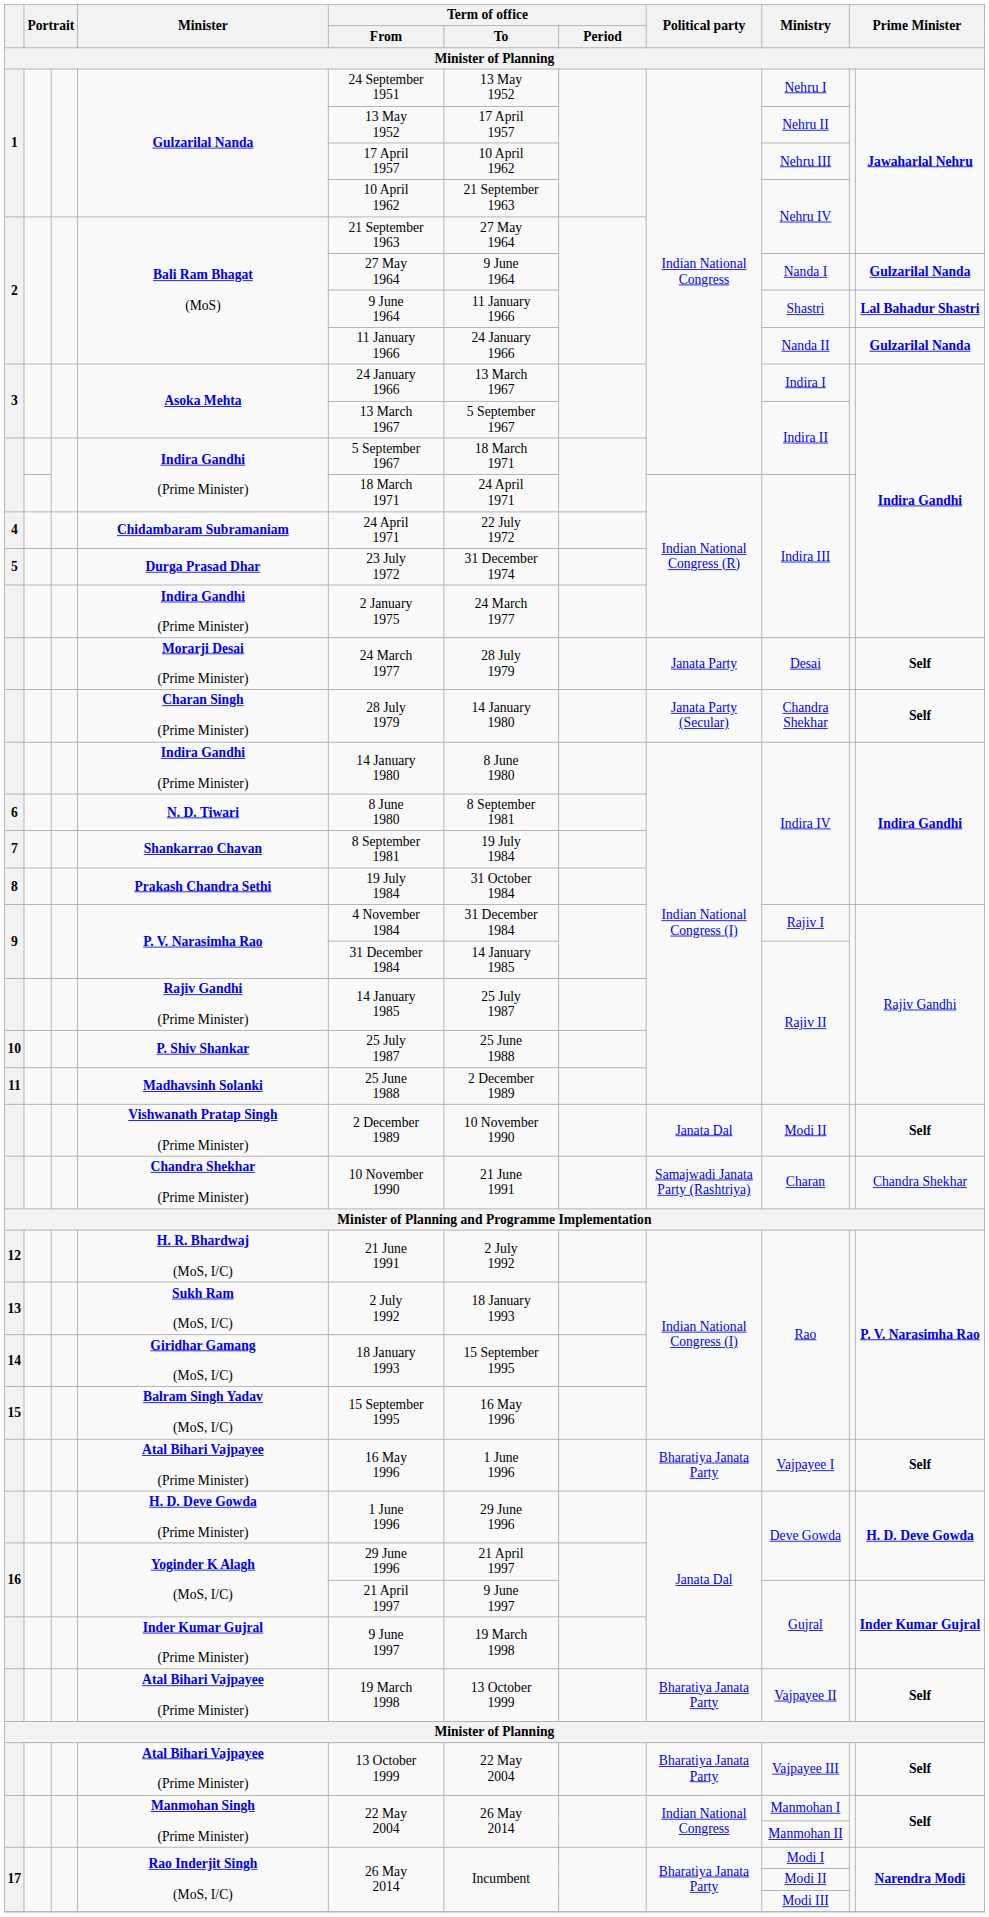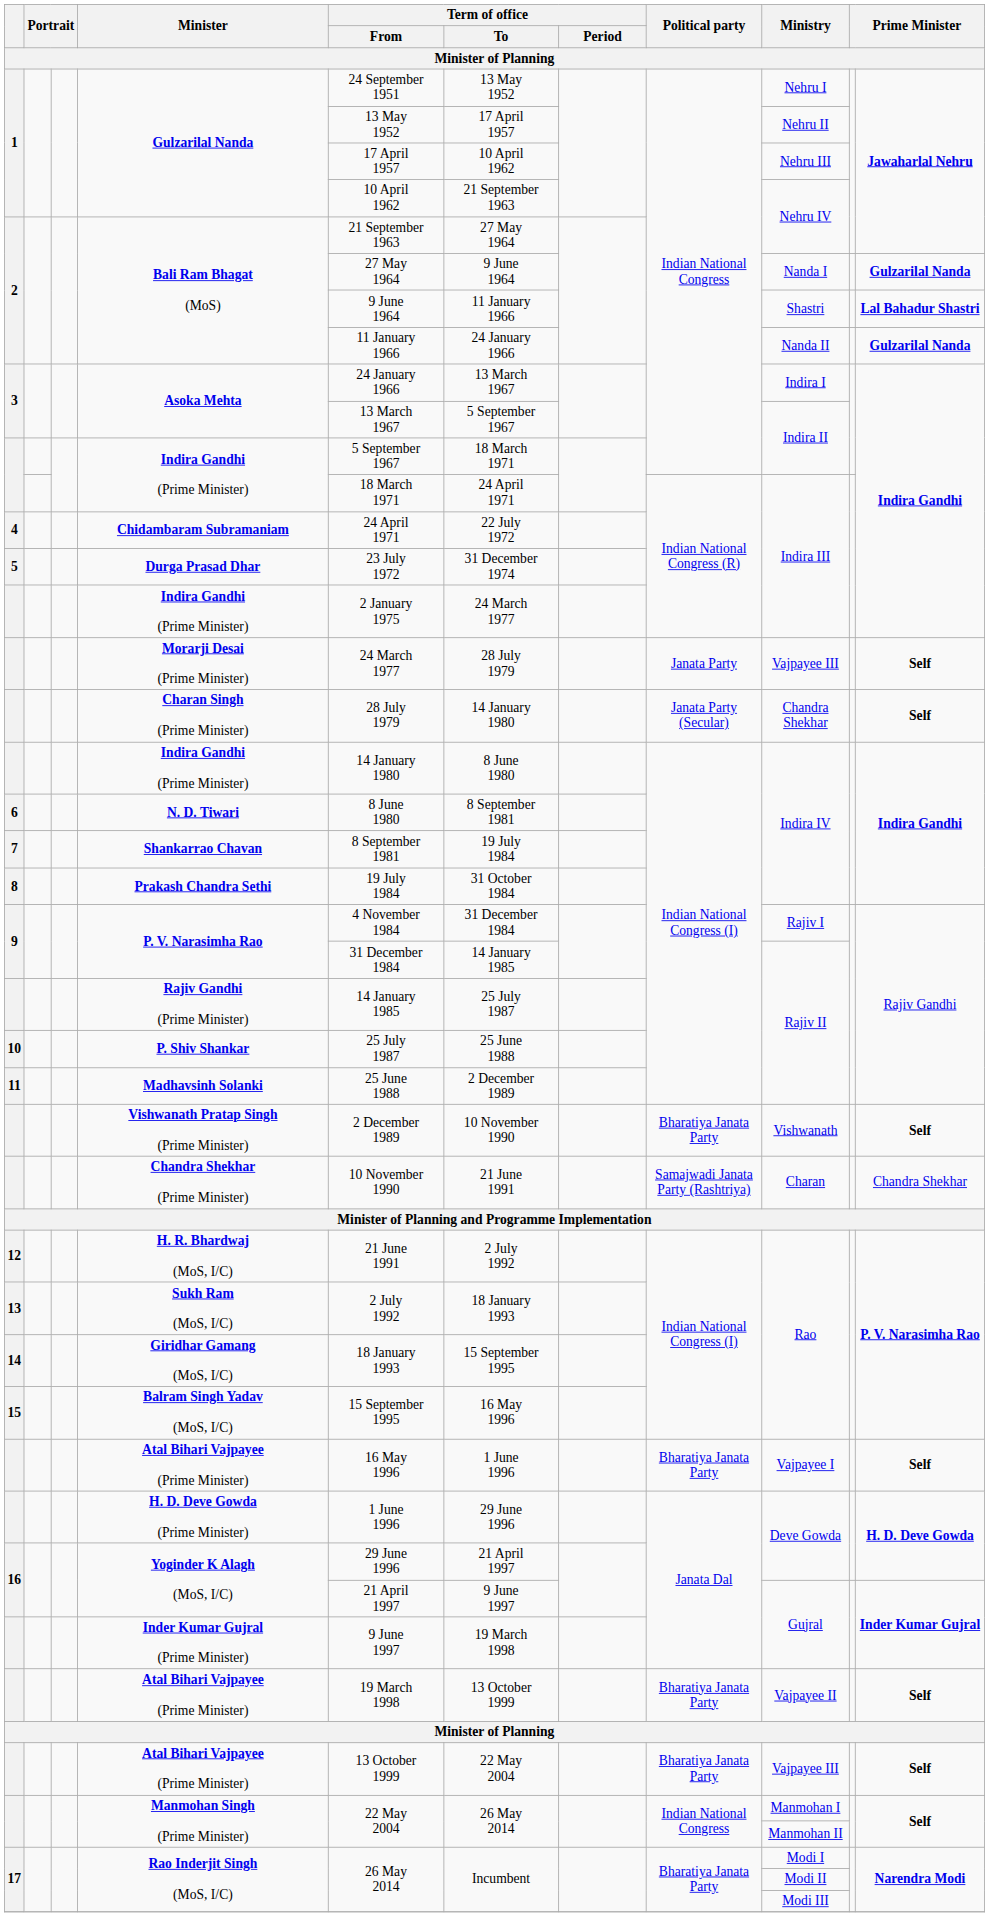 <table class="wikitable" style="text-align:center">
 <tr>
 <th rowspan="2"></th>
 <th rowspan="2" colspan="2">Portrait</th>
 <th rowspan="2" style="width:18em">Minister<br></th>
 <th colspan="3">Term of office</th>
 <th rowspan="2" style="width:8em">Political party</th>
 <th rowspan="2" style="width:6em">Ministry</th>
 <th rowspan="2" colspan="2">Prime Minister</th>
 </tr>
 <tr>
 <th style="width:8em">From</th>
 <th style="width:8em">To</th>
 <th style="width:6em">Period</th>
 </tr>
 <tr>
 <th colspan="11">Minister of Planning</th>
 </tr>
 <tr>
 <th rowspan="4">1</th>
 <td rowspan="4"></td>
 <td rowspan="4"></td>
 <td rowspan="4"><strong><a href='#'>Gulzarilal Nanda</a></strong><br></td>
 <td>24 September<br>1951</td>
 <td>13 May<br>1952</td>
 <td rowspan="4"><strong></strong></td>
 <td rowspan="11"><a href='#'>Indian National Congress</a></td>
 <td><a href='#'>Nehru I</a></td>
 <td rowspan="5"></td>
 <td rowspan="5" style="width:9em"><strong><a href='#'>Jawaharlal Nehru</a></strong></td>
 </tr>
 <tr>
 <td>13 May<br>1952</td>
 <td>17 April<br>1957</td>
 <td><a href='#'>Nehru II</a></td>
 </tr>
 <tr>
 <td>17 April<br>1957</td>
 <td>10 April<br>1962</td>
 <td><a href='#'>Nehru III</a></td>
 </tr>
 <tr>
 <td>10 April<br>1962</td>
 <td>21 September<br>1963</td>
 <td rowspan="2"><a href='#'>Nehru IV</a></td>
 </tr>
 <tr>
 <th rowspan="4">2</th>
 <td rowspan="4"></td>
 <td rowspan="4"></td>
 <td rowspan="4"><strong><a href='#'>Bali Ram Bhagat</a></strong><br><br>(MoS)</td>
 <td>21 September<br>1963</td>
 <td>27 May<br>1964</td>
 <td rowspan="4"><strong></strong></td>
 </tr>
 <tr>
 <td>27 May<br>1964</td>
 <td>9 June<br>1964</td>
 <td><a href='#'>Nanda I</a></td>
 <td></td>
 <td><strong><a href='#'>Gulzarilal Nanda</a></strong></td>
 </tr>
 <tr>
 <td>9 June<br>1964</td>
 <td>11 January<br>1966</td>
 <td><a href='#'>Shastri</a></td>
 <td></td>
 <td><strong><a href='#'>Lal Bahadur Shastri</a></strong></td>
 </tr>
 <tr>
 <td>11 January<br>1966</td>
 <td>24 January<br>1966</td>
 <td><a href='#'>Nanda II</a></td>
 <td></td>
 <td><strong><a href='#'>Gulzarilal Nanda</a></strong></td>
 </tr>
 <tr>
 <th rowspan="2">3</th>
 <td rowspan="2"></td>
 <td rowspan="2"></td>
 <td rowspan="2"><strong><a href='#'>Asoka Mehta</a></strong><br></td>
 <td>24 January<br>1966</td>
 <td>13 March<br>1967</td>
 <td rowspan="2"><strong></strong></td>
 <td><a href='#'>Indira I</a></td>
 <td rowspan="3"></td>
 <td rowspan="7"><strong><a href='#'>Indira Gandhi</a></strong></td>
 </tr>
 <tr>
 <td>13 March<br>1967</td>
 <td>5 September<br>1967</td>
 <td rowspan="2"><a href='#'>Indira II</a></td>
 </tr>
 <tr>
 <th rowspan="2"></th>
 <td></td>
 <td rowspan="2"></td>
 <td rowspan="2"><strong><a href='#'>Indira Gandhi</a></strong><br><br>(Prime Minister)</td>
 <td>5 September<br>1967</td>
 <td>18 March<br>1971</td>
 <td rowspan="2"><strong></strong></td>
 </tr>
 <tr>
 <td></td>
 <td>18 March<br>1971</td>
 <td>24 April<br>1971</td>
 <td rowspan="4"><a href='#'>Indian National Congress (R)</a></td>
 <td rowspan="4"><a href='#'>Indira III</a></td>
 <td rowspan="4"></td>
 </tr>
 <tr>
 <th>4</th>
 <td></td>
 <td></td>
 <td><strong><a href='#'>Chidambaram Subramaniam</a></strong><br></td>
 <td>24 April<br>1971</td>
 <td>22 July<br>1972</td>
 <td><strong></strong></td>
 </tr>
 <tr>
 <th>5</th>
 <td></td>
 <td></td>
 <td><strong><a href='#'>Durga Prasad Dhar</a></strong><br></td>
 <td>23 July<br>1972</td>
 <td>31 December<br>1974</td>
 <td><strong></strong></td>
 </tr>
 <tr>
 <th></th>
 <td></td>
 <td></td>
 <td><strong><a href='#'>Indira Gandhi</a></strong><br><br>(Prime Minister)</td>
 <td>2 January<br>1975</td>
 <td>24 March<br>1977</td>
 <td><strong></strong></td>
 </tr>
 <tr>
 <th></th>
 <td></td>
 <td></td>
 <td><strong><a href='#'>Morarji Desai</a></strong><br><br>(Prime Minister)</td>
 <td>24 March<br>1977</td>
 <td>28 July<br>1979</td>
 <td><strong></strong></td>
 <td><a href='#'>Janata Party</a></td>
-<td><a href='#'>Desai</a></td>
+<td><a href='#'>Vajpayee III</a></td>
 <td></td>
 <td><strong>Self</strong></td>
 </tr>
 <tr>
 <th></th>
 <td></td>
 <td></td>
 <td><strong><a href='#'>Charan Singh</a></strong><br><br>(Prime Minister)</td>
 <td>28 July<br>1979</td>
 <td>14 January<br>1980</td>
 <td><strong></strong></td>
 <td><a href='#'>Janata Party (Secular)</a></td>
 <td><a href='#'>Chandra Shekhar</a></td>
 <td></td>
 <td><strong>Self</strong></td>
 </tr>
 <tr>
 <th></th>
 <td></td>
 <td></td>
 <td><strong><a href='#'>Indira Gandhi</a></strong><br><br>(Prime Minister)</td>
 <td>14 January<br>1980</td>
 <td>8 June<br>1980</td>
 <td><strong></strong></td>
 <td rowspan="9"><a href='#'>Indian National Congress (I)</a></td>
 <td rowspan="4"><a href='#'>Indira IV</a></td>
 <td rowspan="4"></td>
 <td rowspan="4"><strong><a href='#'>Indira Gandhi</a></strong></td>
 </tr>
 <tr>
 <th>6</th>
 <td></td>
 <td></td>
 <td><strong><a href='#'>N. D. Tiwari</a></strong><br></td>
 <td>8 June<br>1980</td>
 <td>8 September<br>1981</td>
 <td><strong></strong></td>
 </tr>
 <tr>
 <th>7</th>
 <td></td>
 <td></td>
 <td><strong><a href='#'>Shankarrao Chavan</a></strong><br></td>
 <td>8 September<br>1981</td>
 <td>19 July<br>1984</td>
 <td><strong></strong></td>
 </tr>
 <tr>
 <th>8</th>
 <td></td>
 <td></td>
 <td><strong><a href='#'>Prakash Chandra Sethi</a></strong><br></td>
 <td>19 July<br>1984</td>
 <td>31 October<br>1984</td>
 <td><strong></strong></td>
 </tr>
 <tr>
 <th rowspan="2">9</th>
 <td rowspan="2"></td>
 <td rowspan="2"></td>
 <td rowspan="2"><strong><a href='#'>P. V. Narasimha Rao</a></strong><br></td>
 <td>4 November<br>1984</td>
 <td>31 December<br>1984</td>
 <td rowspan="2"><strong></strong></td>
 <td><a href='#'>Rajiv I</a></td>
 <td rowspan="5"></td>
 <td rowspan="5"><a href='#'>Rajiv Gandhi</a></td>
 </tr>
 <tr>
 <td>31 December<br>1984</td>
 <td>14 January<br>1985</td>
 <td rowspan="4"><a href='#'>Rajiv II</a></td>
 </tr>
 <tr>
 <th></th>
 <td></td>
 <td></td>
 <td><strong><a href='#'>Rajiv Gandhi</a></strong><br><br>(Prime Minister)</td>
 <td>14 January<br>1985</td>
 <td>25 July<br>1987</td>
 <td><strong></strong></td>
 </tr>
 <tr>
 <th>10</th>
 <td></td>
 <td></td>
 <td><strong><a href='#'>P. Shiv Shankar</a></strong><br></td>
 <td>25 July<br>1987</td>
 <td>25 June<br>1988</td>
 <td><strong></strong></td>
 </tr>
 <tr>
 <th>11</th>
 <td></td>
 <td></td>
 <td><strong><a href='#'>Madhavsinh Solanki</a></strong><br></td>
 <td>25 June<br>1988</td>
 <td>2 December<br>1989</td>
 <td><strong></strong></td>
 </tr>
 <tr>
 <th></th>
 <td></td>
 <td></td>
 <td><strong><a href='#'>Vishwanath Pratap Singh</a></strong><br><br>(Prime Minister)</td>
 <td>2 December<br>1989</td>
 <td>10 November<br>1990</td>
 <td><strong></strong></td>
-<td><a href='#'>Janata Dal</a></td>
-<td><a href='#'>Modi II</a></td>
+<td><a href='#'>Bharatiya Janata Party</a></td>
+<td><a href='#'>Vishwanath</a></td>
 <td></td>
 <td><strong>Self</strong></td>
 </tr>
 <tr>
 <th></th>
 <td></td>
 <td></td>
 <td><strong><a href='#'>Chandra Shekhar</a></strong><br><br>(Prime Minister)</td>
 <td>10 November<br>1990</td>
 <td>21 June<br>1991</td>
 <td><strong></strong></td>
 <td><a href='#'>Samajwadi Janata Party (Rashtriya)</a></td>
 <td><a href='#'>Charan</a></td>
 <td></td>
 <td><a href='#'>Chandra Shekhar</a></td>
 </tr>
 <tr>
 <th colspan="11">Minister of Planning and Programme Implementation</th>
 </tr>
 <tr>
 <th>12</th>
 <td></td>
 <td></td>
 <td><strong><a href='#'>H. R. Bhardwaj</a></strong><br><br>(MoS, I/C)</td>
 <td>21 June<br>1991</td>
 <td>2 July<br>1992</td>
 <td><strong></strong></td>
 <td rowspan="4"><a href='#'>Indian National Congress (I)</a></td>
 <td rowspan="4"><a href='#'>Rao</a></td>
 <td rowspan="4"></td>
 <td rowspan="4"><strong><a href='#'>P. V. Narasimha Rao</a></strong></td>
 </tr>
 <tr>
 <th>13</th>
 <td></td>
 <td></td>
 <td><strong><a href='#'>Sukh Ram</a></strong><br><br>(MoS, I/C)</td>
 <td>2 July<br>1992</td>
 <td>18 January<br>1993</td>
 <td><strong></strong></td>
 </tr>
 <tr>
 <th>14</th>
 <td></td>
 <td></td>
 <td><strong><a href='#'>Giridhar Gamang</a></strong><br><br>(MoS, I/C)</td>
 <td>18 January<br>1993</td>
 <td>15 September<br>1995</td>
 <td><strong></strong></td>
 </tr>
 <tr>
 <th>15</th>
 <td></td>
 <td></td>
 <td><strong><a href='#'>Balram Singh Yadav</a></strong><br><br>(MoS, I/C)</td>
 <td>15 September<br>1995</td>
 <td>16 May<br>1996</td>
 <td><strong></strong></td>
 </tr>
 <tr>
 <th></th>
 <td></td>
 <td></td>
 <td><strong><a href='#'>Atal Bihari Vajpayee</a></strong><br><br>(Prime Minister)</td>
 <td>16 May<br>1996</td>
 <td>1 June<br>1996</td>
 <td><strong></strong></td>
 <td><a href='#'>Bharatiya Janata Party</a></td>
 <td><a href='#'>Vajpayee I</a></td>
 <td></td>
 <td><strong>Self</strong></td>
 </tr>
 <tr>
 <th></th>
 <td></td>
 <td></td>
 <td><strong><a href='#'>H. D. Deve Gowda</a></strong><br><br>(Prime Minister)</td>
 <td>1 June<br>1996</td>
 <td>29 June<br>1996</td>
 <td><strong></strong></td>
 <td rowspan="4"><a href='#'>Janata Dal</a></td>
 <td rowspan="2"><a href='#'>Deve Gowda</a></td>
 <td rowspan="2"></td>
 <td rowspan="2"><strong><a href='#'>H. D. Deve Gowda</a></strong></td>
 </tr>
 <tr>
 <th rowspan="2">16</th>
 <td rowspan="2"></td>
 <td rowspan="2"></td>
 <td rowspan="2"><strong><a href='#'>Yoginder K Alagh</a></strong><br><br>(MoS, I/C)</td>
 <td>29 June<br>1996</td>
 <td>21 April<br>1997</td>
 <td rowspan="2"><strong></strong></td>
 </tr>
 <tr>
 <td>21 April<br>1997</td>
 <td>9 June<br>1997</td>
 <td rowspan="2"><a href='#'>Gujral</a></td>
 <td rowspan="2"></td>
 <td rowspan="2"><strong><a href='#'>Inder Kumar Gujral</a></strong></td>
 </tr>
 <tr>
 <th></th>
 <td></td>
 <td></td>
 <td><strong><a href='#'>Inder Kumar Gujral</a></strong><br><br>(Prime Minister)</td>
 <td>9 June<br>1997</td>
 <td>19 March<br>1998</td>
 <td><strong></strong></td>
 </tr>
 <tr>
 <th></th>
 <td></td>
 <td></td>
 <td><strong><a href='#'>Atal Bihari Vajpayee</a></strong><br><br>(Prime Minister)</td>
 <td>19 March<br>1998</td>
 <td>13 October<br>1999</td>
 <td><strong></strong></td>
 <td><a href='#'>Bharatiya Janata Party</a></td>
 <td><a href='#'>Vajpayee II</a></td>
 <td></td>
 <td><strong>Self</strong></td>
 </tr>
 <tr>
 <th colspan="11">Minister of Planning</th>
 </tr>
 <tr>
 <th></th>
 <td></td>
 <td></td>
 <td><strong><a href='#'>Atal Bihari Vajpayee</a></strong><br><br>(Prime Minister)</td>
 <td>13 October<br>1999</td>
 <td>22 May<br>2004</td>
 <td><strong></strong></td>
 <td><a href='#'>Bharatiya Janata Party</a></td>
 <td><a href='#'>Vajpayee III</a></td>
 <td></td>
 <td><strong>Self</strong></td>
 </tr>
 <tr>
 <th rowspan="2"></th>
 <td rowspan="2"></td>
 <td rowspan="2"></td>
 <td rowspan="2"><strong><a href='#'>Manmohan Singh</a></strong><br><br>(Prime Minister)</td>
 <td rowspan="2">22 May<br>2004</td>
 <td rowspan="2">26 May<br>2014</td>
 <td rowspan="2"><strong></strong></td>
 <td rowspan="2"><a href='#'>Indian National Congress</a></td>
 <td><a href='#'>Manmohan I</a></td>
 <td rowspan="2"></td>
 <td rowspan="2"><strong>Self</strong></td>
 </tr>
 <tr>
 <td><a href='#'>Manmohan II</a></td>
 </tr>
 <tr>
 <th rowspan="3">17</th>
 <td rowspan="3"></td>
 <td rowspan="3"></td>
 <td rowspan="3"><strong><a href='#'>Rao Inderjit Singh</a></strong><br><br>(MoS, I/C)</td>
 <td rowspan="3">26 May<br>2014</td>
 <td rowspan="3">Incumbent</td>
 <td rowspan="3"><strong></strong></td>
 <td rowspan="3"><a href='#'>Bharatiya Janata Party</a></td>
 <td><a href='#'>Modi I</a></td>
 <td rowspan="3"></td>
 <td rowspan="3"><strong><a href='#'>Narendra Modi</a></strong></td>
 </tr>
 <tr>
 <td><a href='#'>Modi II</a></td>
 </tr>
 <tr>
 <td><a href='#'>Modi III</a></td>
 </tr>
 <tr>
 </tr>
 </table>
